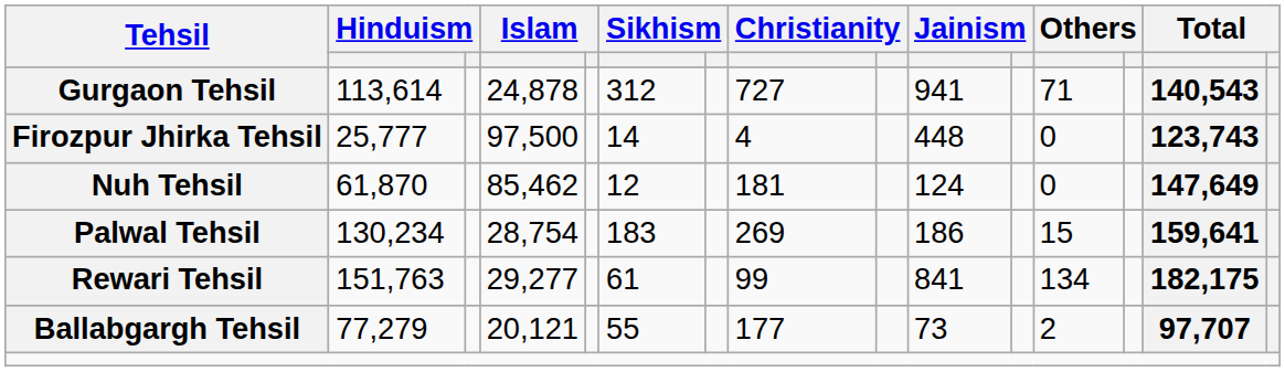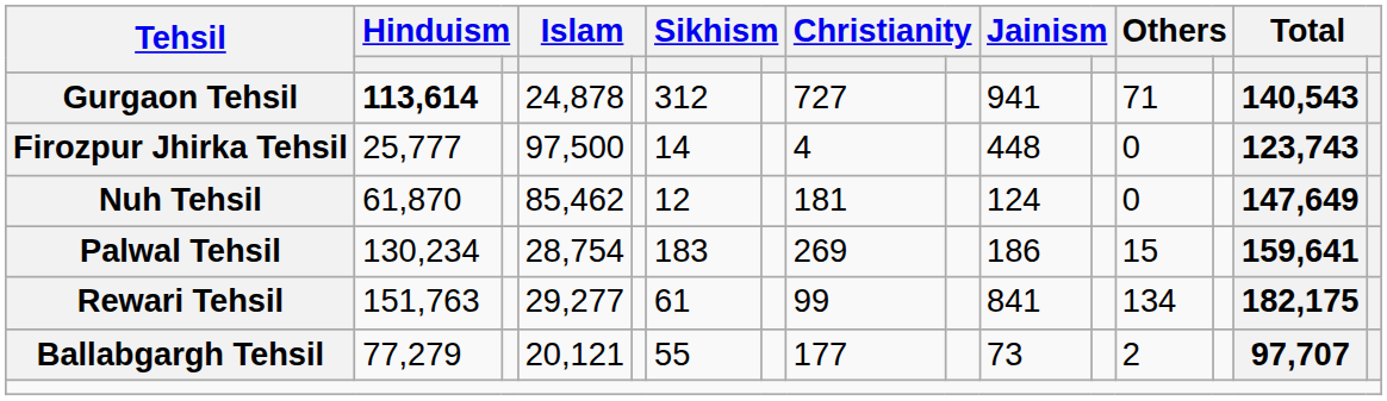 <table class="wikitable sortable">
 <tr>
 <th rowspan="2"><a href='#'>Tehsil</a></th>
 <th colspan="2"><a href='#'>Hinduism</a> </th>
 <th colspan="2"><a href='#'>Islam</a> </th>
 <th colspan="2"><a href='#'>Sikhism</a> </th>
 <th colspan="2"><a href='#'>Christianity</a> </th>
 <th colspan="2"><a href='#'>Jainism</a> </th>
 <th colspan="2">Others</th>
 <th colspan="2">Total</th>
 </tr>
 <tr>
 <th><a href='#'></a></th>
 <th></th>
 <th></th>
 <th></th>
 <th></th>
 <th></th>
 <th></th>
 <th></th>
 <th></th>
 <th></th>
 <th></th>
 <th></th>
 <th></th>
 <th></th>
 </tr>
 <tr>
 <th>Gurgaon Tehsil</th>
-<td>113,614</td>
+<td><strong>113,614</strong></td>
 <td></td>
 <td>24,878</td>
 <td></td>
 <td>312</td>
 <td></td>
 <td>727</td>
 <td></td>
 <td>941</td>
 <td></td>
 <td>71</td>
 <td></td>
 <th>140,543</th>
 <th></th>
 </tr>
 <tr>
 <th>Firozpur Jhirka Tehsil</th>
 <td>25,777</td>
 <td></td>
 <td>97,500</td>
 <td></td>
 <td>14</td>
 <td></td>
 <td>4</td>
 <td></td>
 <td>448</td>
 <td></td>
 <td>0</td>
 <td></td>
 <th>123,743</th>
 <th></th>
 </tr>
 <tr>
 <th>Nuh Tehsil</th>
 <td>61,870</td>
 <td></td>
 <td>85,462</td>
 <td></td>
 <td>12</td>
 <td></td>
 <td>181</td>
 <td></td>
 <td>124</td>
 <td></td>
 <td>0</td>
 <td></td>
 <th>147,649</th>
 <th></th>
 </tr>
 <tr>
 <th>Palwal Tehsil</th>
 <td>130,234</td>
 <td></td>
 <td>28,754</td>
 <td></td>
 <td>183</td>
 <td></td>
 <td>269</td>
 <td></td>
 <td>186</td>
 <td></td>
 <td>15</td>
 <td></td>
 <th>159,641</th>
 <th></th>
 </tr>
 <tr>
 <th>Rewari Tehsil</th>
 <td>151,763</td>
 <td></td>
 <td>29,277</td>
 <td></td>
 <td>61</td>
 <td></td>
 <td>99</td>
 <td></td>
 <td>841</td>
 <td></td>
 <td>134</td>
 <td></td>
 <th>182,175</th>
 <th></th>
 </tr>
 <tr>
 <th>Ballabgargh Tehsil</th>
 <td>77,279</td>
 <td></td>
 <td>20,121</td>
 <td></td>
 <td>55</td>
 <td></td>
 <td>177</td>
 <td></td>
 <td>73</td>
 <td></td>
 <td>2</td>
 <td></td>
 <th>97,707</th>
 <th></th>
 </tr>
 <tr class="sortbottom">
 <td colspan="15"></td>
 </tr>
 </table>
